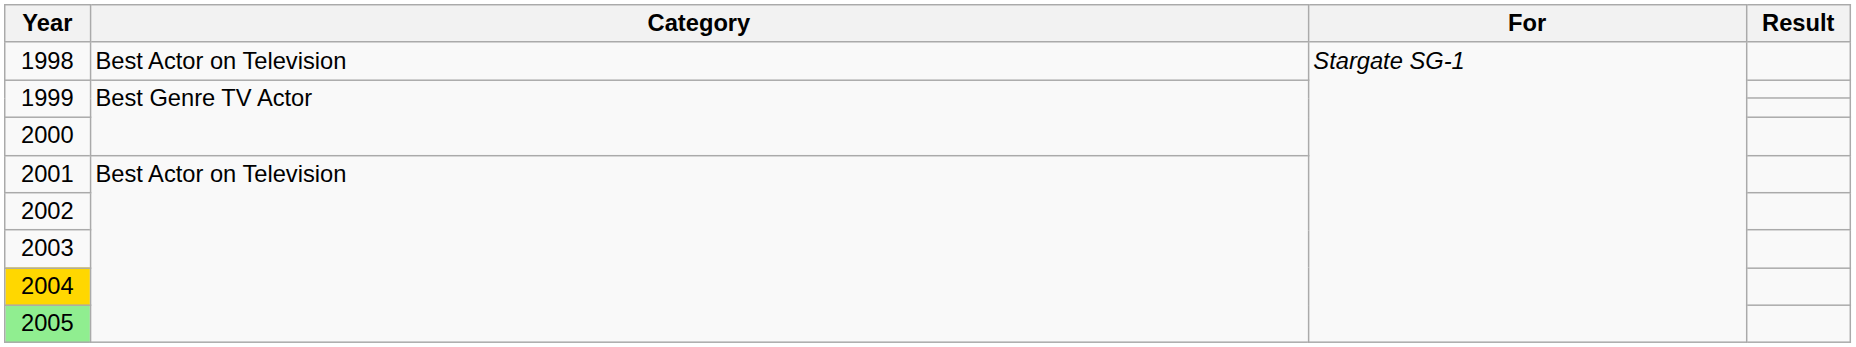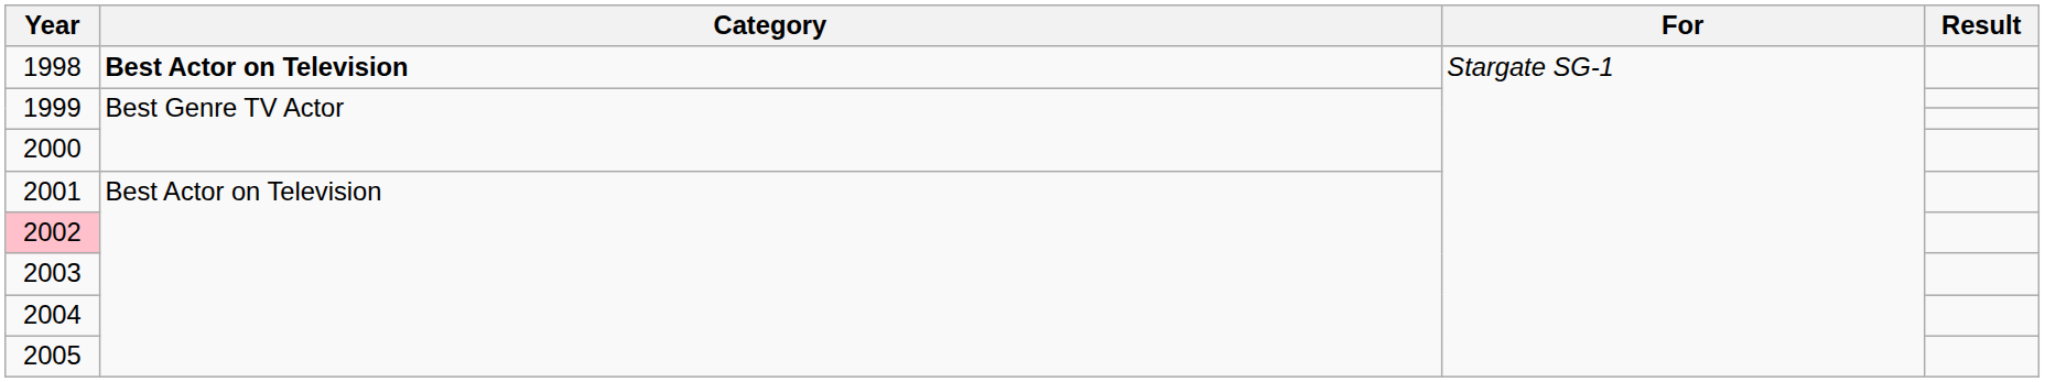 <table class="wikitable">
 <tr>
 <th width="3.5%">Year</th>
 <th width="50%">Category</th>
 <th width="18%">For</th>
 <th width="3.5%">Result</th>
 </tr>
 <tr valign="top">
 <td align="center">1998</td>
-<td>Best Actor on Television</td>
+<td><strong>Best Actor on Television</strong></td>
 <td rowspan="10"><em>Stargate SG-1</em></td>
 <td></td>
 </tr>
 <tr valign="top">
 <td rowspan="2" align="center">1999</td>
 <td rowspan=3>Best Genre TV Actor</td>
 <td></td>
 </tr>
 <tr valign="top">
 <td></td>
 </tr>
 <tr valign="top">
 <td align="center">2000</td>
 <td></td>
 </tr>
 <tr valign="top">
 <td align="center">2001</td>
 <td rowspan=5>Best Actor on Television</td>
 <td></td>
 </tr>
 <tr valign="top">
-<td align="center">2002</td>
+<td align="center" style="background: pink;">2002</td>
 <td></td>
 </tr>
 <tr valign="top">
 <td align="center">2003</td>
 <td></td>
 </tr>
 <tr valign="top">
-<td align="center" style="background: gold;">2004</td>
+<td align="center">2004</td>
 <td></td>
 </tr>
 <tr valign="top">
-<td align="center" style="background: lightgreen;">2005</td>
+<td align="center">2005</td>
 <td></td>
 </tr>
 </table>
